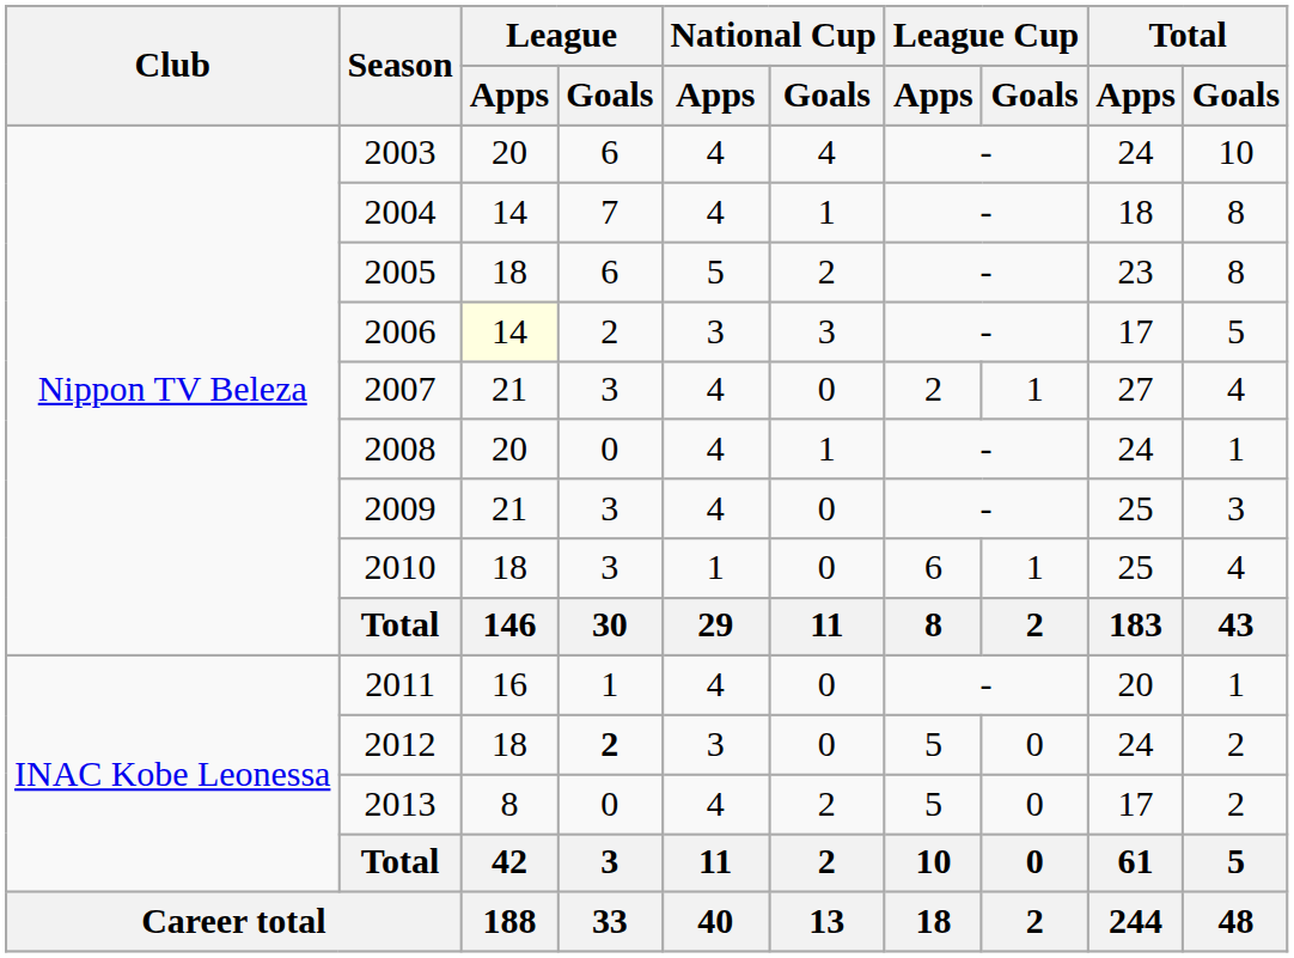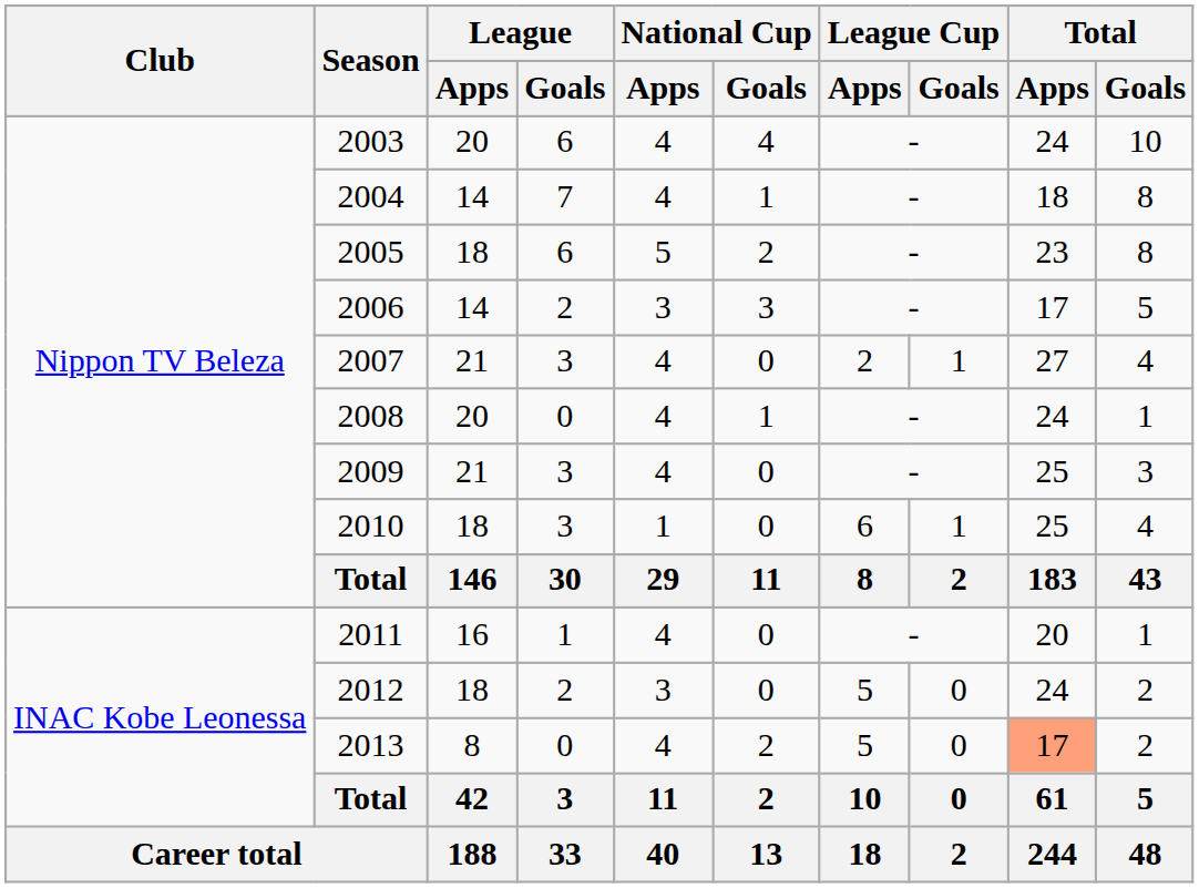 <table class="wikitable" style="font-size:90%; text-align:center;">
 <tr>
 <th rowspan="2">Club</th>
 <th rowspan="2">Season</th>
 <th colspan="2">League</th>
 <th colspan="2">National Cup</th>
 <th colspan="2">League Cup</th>
 <th colspan="2">Total</th>
 </tr>
 <tr>
 <th>Apps</th>
 <th>Goals</th>
 <th>Apps</th>
 <th>Goals</th>
 <th>Apps</th>
 <th>Goals</th>
 <th>Apps</th>
 <th>Goals</th>
 </tr>
 <tr>
 <td rowspan="9"><a href='#'>Nippon TV Beleza</a></td>
 <td>2003</td>
 <td>20</td>
 <td>6</td>
 <td>4</td>
 <td>4</td>
 <td colspan="2">-</td>
 <td>24</td>
 <td>10</td>
 </tr>
 <tr>
 <td>2004</td>
 <td>14</td>
 <td>7</td>
 <td>4</td>
 <td>1</td>
 <td colspan="2">-</td>
 <td>18</td>
 <td>8</td>
 </tr>
 <tr>
 <td>2005</td>
 <td>18</td>
 <td>6</td>
 <td>5</td>
 <td>2</td>
 <td colspan="2">-</td>
 <td>23</td>
 <td>8</td>
 </tr>
 <tr>
 <td>2006</td>
-<td style="background: lightyellow;">14</td>
+<td>14</td>
 <td>2</td>
 <td>3</td>
 <td>3</td>
 <td colspan="2">-</td>
 <td>17</td>
 <td>5</td>
 </tr>
 <tr>
 <td>2007</td>
 <td>21</td>
 <td>3</td>
 <td>4</td>
 <td>0</td>
 <td>2</td>
 <td>1</td>
 <td>27</td>
 <td>4</td>
 </tr>
 <tr>
 <td>2008</td>
 <td>20</td>
 <td>0</td>
 <td>4</td>
 <td>1</td>
 <td colspan="2">-</td>
 <td>24</td>
 <td>1</td>
 </tr>
 <tr>
 <td>2009</td>
 <td>21</td>
 <td>3</td>
 <td>4</td>
 <td>0</td>
 <td colspan="2">-</td>
 <td>25</td>
 <td>3</td>
 </tr>
 <tr>
 <td>2010</td>
 <td>18</td>
 <td>3</td>
 <td>1</td>
 <td>0</td>
 <td>6</td>
 <td>1</td>
 <td>25</td>
 <td>4</td>
 </tr>
 <tr>
 <th colspan="1">Total</th>
 <th>146</th>
 <th>30</th>
 <th>29</th>
 <th>11</th>
 <th>8</th>
 <th>2</th>
 <th>183</th>
 <th>43</th>
 </tr>
 <tr>
 <td rowspan="4"><a href='#'>INAC Kobe Leonessa</a></td>
 <td>2011</td>
 <td>16</td>
 <td>1</td>
 <td>4</td>
 <td>0</td>
 <td colspan="2">-</td>
 <td>20</td>
 <td>1</td>
 </tr>
 <tr>
 <td>2012</td>
 <td>18</td>
-<td><strong>2</strong></td>
+<td>2</td>
 <td>3</td>
 <td>0</td>
 <td>5</td>
 <td>0</td>
 <td>24</td>
 <td>2</td>
 </tr>
 <tr>
 <td>2013</td>
 <td>8</td>
 <td>0</td>
 <td>4</td>
 <td>2</td>
 <td>5</td>
 <td>0</td>
-<td>17</td>
+<td style="background: lightsalmon;">17</td>
 <td>2</td>
 </tr>
 <tr>
 <th colspan="1">Total</th>
 <th>42</th>
 <th>3</th>
 <th>11</th>
 <th>2</th>
 <th>10</th>
 <th>0</th>
 <th>61</th>
 <th>5</th>
 </tr>
 <tr>
 <th colspan="2">Career total</th>
 <th>188</th>
 <th>33</th>
 <th>40</th>
 <th>13</th>
 <th>18</th>
 <th>2</th>
 <th>244</th>
 <th>48</th>
 </tr>
 </table>
